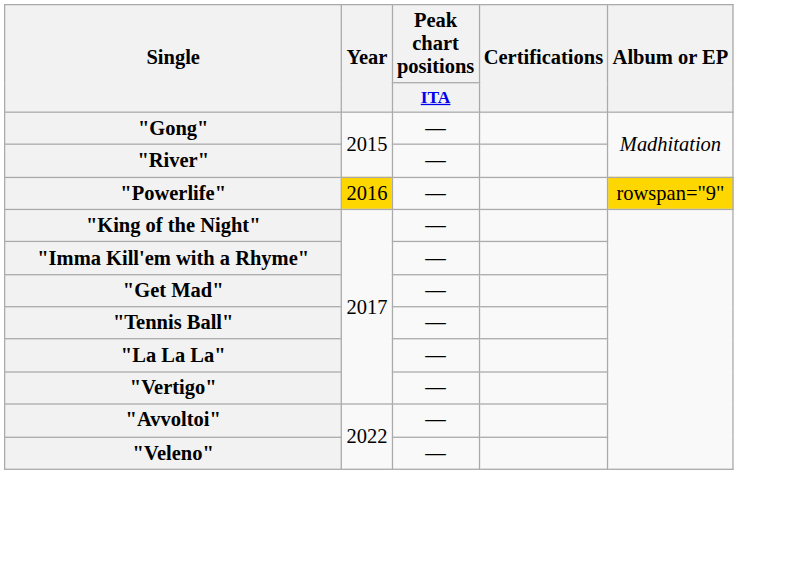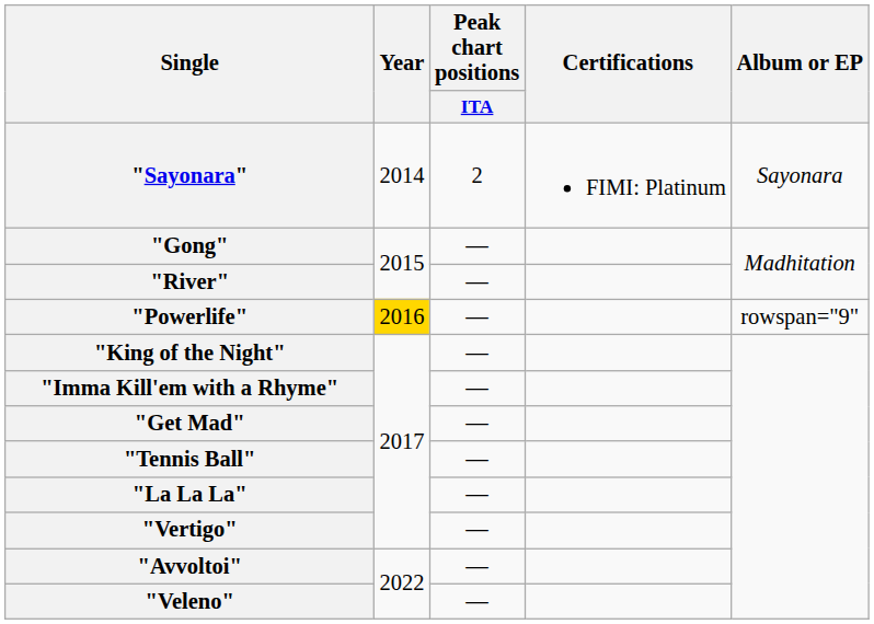 <table class="wikitable plainrowheaders" style="text-align:center;" border="1">
 <tr>
 <th scope="col" rowspan="2" style="width:16em;">Single</th>
 <th scope="col" rowspan="2">Year</th>
 <th scope="col">Peak chart positions</th>
 <th scope="col" rowspan="2">Certifications</th>
 <th scope="col" rowspan="2">Album or EP</th>
 </tr>
 <tr>
 <th scope="col" style="width:3em;font-size:85%;"><a href='#'>ITA</a><br></th>
+</tr>
+<tr>
+<th scope="row">"<a href='#'>Sayonara</a>"</th>
+<td>2014</td>
+<td>2</td>
+<td><br><ul><li>FIMI: Platinum</li></ul></td>
+<td><em>Sayonara</em></td>
 </tr>
 <tr>
 <th scope="row">"Gong"<br></th>
 <td rowspan="2">2015</td>
 <td>—</td>
 <td></td>
 <td rowspan="2"><em>Madhitation</em></td>
 </tr>
 <tr>
 <th scope="row">"River"</th>
 <td>—</td>
 <td></td>
 </tr>
 <tr>
 <th scope="row">"Powerlife"</th>
 <td style="background: gold;">2016</td>
 <td>—</td>
 <td></td>
-<td style="background: gold;">rowspan="9" </td>
+<td>rowspan="9" </td>
 </tr>
 <tr>
 <th scope="row">"King of the Night"</th>
 <td rowspan="6">2017</td>
 <td>—</td>
 <td></td>
 </tr>
 <tr>
 <th scope="row">"Imma Kill'em with a Rhyme"</th>
 <td>—</td>
 <td></td>
 </tr>
 <tr>
 <th scope="row">"Get Mad"</th>
 <td>—</td>
 <td></td>
 </tr>
 <tr>
 <th scope="row">"Tennis Ball"</th>
 <td>—</td>
 <td></td>
 </tr>
 <tr>
 <th scope="row">"La La La"</th>
 <td>—</td>
 <td></td>
 </tr>
 <tr>
 <th scope="row">"Vertigo"</th>
 <td>—</td>
 <td></td>
 </tr>
 <tr>
 <th scope="row">"Avvoltoi"</th>
 <td rowspan="2">2022</td>
 <td>—</td>
 <td></td>
 </tr>
 <tr>
 <th scope="row">"Veleno"</th>
 <td>—</td>
 <td></td>
 </tr>
 </table>
